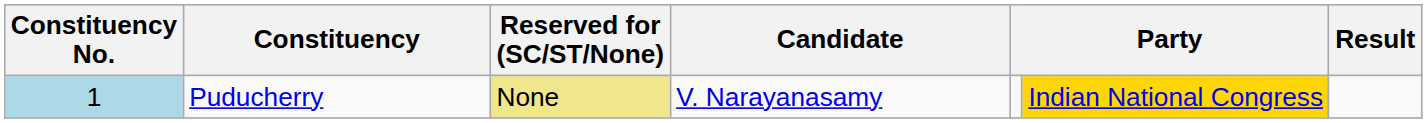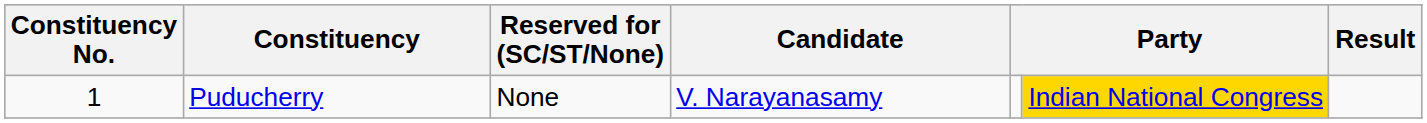 <table class= "wikitable sortable">
 <tr>
 <th>Constituency <br> No.</th>
 <th style="width:180px;">Constituency</th>
 <th>Reserved for<br>(SC/ST/None)</th>
 <th style="width:200px;">Candidate</th>
 <th colspan="2">Party</th>
 <th>Result</th>
 </tr>
 <tr>
-<td align="center" style="background: lightblue;">1</td>
+<td align="center">1</td>
 <td><a href='#'>Puducherry</a></td>
-<td style="background: khaki;">None</td>
+<td>None</td>
 <td><a href='#'>V. Narayanasamy</a></td>
 <td bgcolor=></td>
 <td style="background: gold;"><a href='#'>Indian National Congress</a></td>
 <td></td>
 </tr>
 </table>
